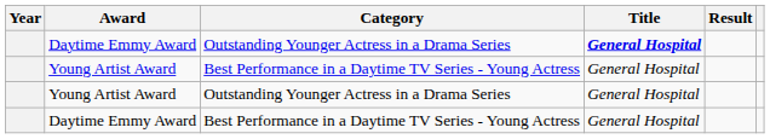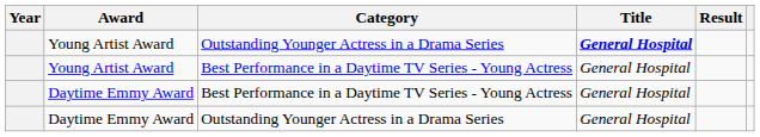 <table class="wikitable sortable plainrowheaders">
 <tr>
 <th scope="col">Year</th>
 <th scope="col">Award</th>
 <th scope="col">Category</th>
 <th scope="col">Title</th>
 <th scope="col">Result</th>
 <th scope="col" class="unsortable"></th>
 </tr>
 <tr>
 <th scope="row"></th>
-<td><a href='#'>Daytime Emmy Award</a></td>
+<td>Young Artist Award</td>
 <td><a href='#'>Outstanding Younger Actress in a Drama Series</a></td>
 <td><strong><em><a href='#'>General Hospital</a></em></strong></td>
 <td></td>
 <td style="text-align:center;"></td>
 </tr>
 <tr>
 <th scope="row"></th>
 <td><a href='#'>Young Artist Award</a></td>
 <td><a href='#'>Best Performance in a Daytime TV Series - Young Actress</a></td>
 <td><em>General Hospital</em></td>
 <td></td>
 <td style="text-align:center;"></td>
 </tr>
 <tr>
 <th scope="row"></th>
-<td>Young Artist Award</td>
-<td>Outstanding Younger Actress in a Drama Series</td>
+<td><a href='#'>Daytime Emmy Award</a></td>
+<td>Best Performance in a Daytime TV Series - Young Actress</td>
 <td><em>General Hospital</em></td>
 <td></td>
 <td style="text-align:center;"></td>
 </tr>
 <tr>
 <th scope="row"></th>
 <td>Daytime Emmy Award</td>
-<td>Best Performance in a Daytime TV Series - Young Actress</td>
+<td>Outstanding Younger Actress in a Drama Series</td>
 <td><em>General Hospital</em></td>
 <td></td>
 <td style="text-align:center;"></td>
 </tr>
 </table>
